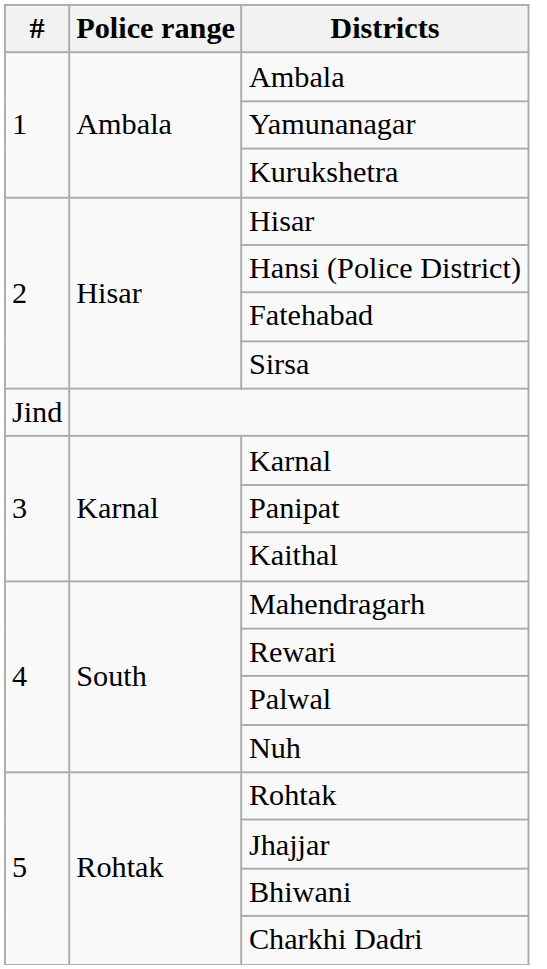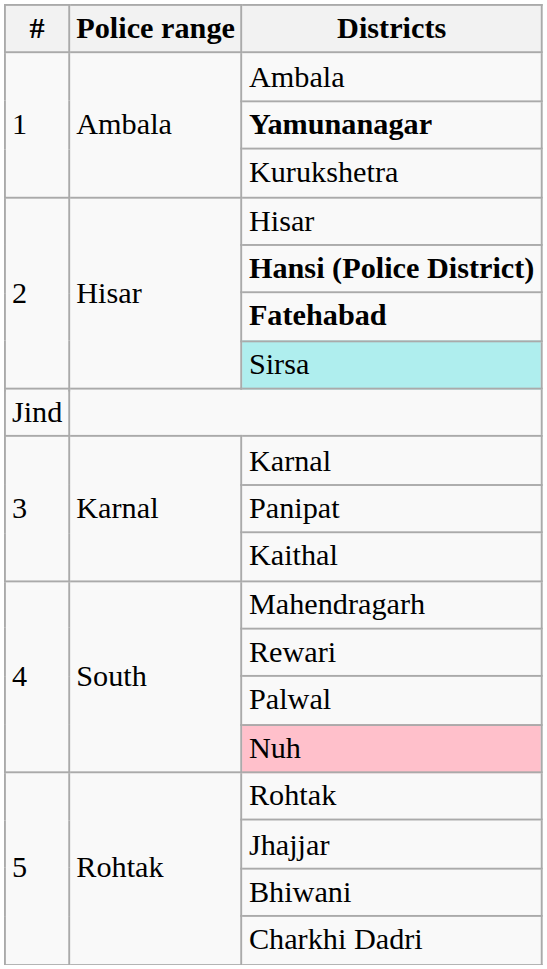 <table class="wikitable">
 <tr>
 <th>#</th>
 <th>Police range</th>
 <th>Districts</th>
 </tr>
 <tr>
 <td rowspan="3">1</td>
 <td rowspan="3">Ambala</td>
 <td>Ambala</td>
 </tr>
 <tr>
-<td>Yamunanagar</td>
+<td><strong>Yamunanagar</strong></td>
 </tr>
 <tr>
 <td>Kurukshetra</td>
 </tr>
 <tr>
 <td rowspan="5">2</td>
 <td rowspan="5">Hisar</td>
 <td>Hisar</td>
 </tr>
 <tr>
-<td>Hansi (Police District)</td>
+<td><strong>Hansi (Police District)</strong></td>
 </tr>
 <tr>
-<td>Fatehabad</td>
+<td><strong>Fatehabad</strong></td>
 </tr>
 <tr>
-<td>Sirsa</td>
+<td style="background: paleturquoise;">Sirsa</td>
 </tr>
 <tr Mandi Dabwali (Police District)>
 </tr>
 <tr>
 <td>Jind</td>
 </tr>
 <tr>
 <td rowspan="3">3</td>
 <td rowspan="3">Karnal</td>
 <td>Karnal</td>
 </tr>
 <tr>
 <td>Panipat</td>
 </tr>
 <tr>
 <td>Kaithal</td>
 </tr>
 <tr>
 <td rowspan="4">4</td>
 <td rowspan="4">South</td>
 <td>Mahendragarh</td>
 </tr>
 <tr>
 <td>Rewari</td>
 </tr>
 <tr>
 <td>Palwal</td>
 </tr>
 <tr>
-<td>Nuh</td>
+<td style="background: pink;">Nuh</td>
 </tr>
 <tr>
 <td rowspan="4">5</td>
 <td rowspan="4">Rohtak</td>
 <td>Rohtak</td>
 </tr>
 <tr>
 <td>Jhajjar</td>
 </tr>
 <tr>
 <td>Bhiwani</td>
 </tr>
 <tr>
 <td>Charkhi Dadri</td>
 </tr>
 </table>
